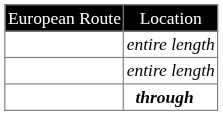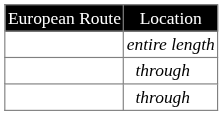 <table border=1 cellpadding=2 style="margin-left:1em; margin-bottom: 1em; color: black; border-collapse: collapse; font-size: 95%;">
 <tr align="center" bgcolor="000000" style="color: white">
 <td>European Route</td>
 <td>Location</td>
 </tr>
 <tr>
 <td></td>
 <td><em>entire length</em></td>
 </tr>
 <tr>
 <td></td>
-<td><em>entire length</em></td>
+<td>  <em>through</em>  </td>
 </tr>
 <tr>
 <td></td>
-<td><strong>  <em>through</em>  </strong></td>
+<td>  <em>through</em>  </td>
 </tr>
 </table>
